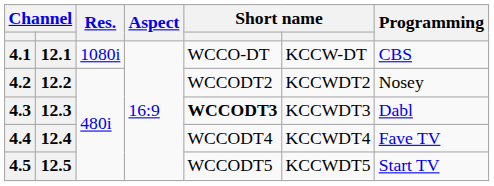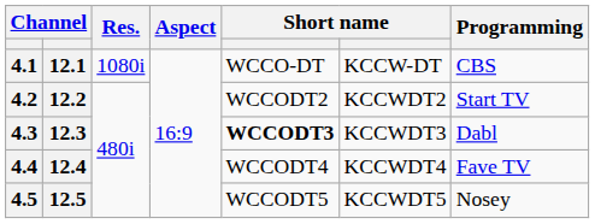 <table class="wikitable">
 <tr>
 <th scope = "col" colspan="2"><a href='#'>Channel</a></th>
 <th scope = "col" rowspan="2"><a href='#'>Res.</a></th>
 <th scope = "col" rowspan="2"><a href='#'>Aspect</a></th>
 <th scope = "col" colspan="2">Short name</th>
 <th scope = "col" rowspan="2">Programming</th>
 </tr>
 <tr>
 <th scope = "col"></th>
 <th></th>
 <th></th>
 <th></th>
 </tr>
 <tr>
 <th scope = "row">4.1</th>
 <th>12.1</th>
 <td><a href='#'>1080i</a></td>
 <td rowspan=5><a href='#'>16:9</a></td>
 <td>WCCO-DT</td>
 <td>KCCW-DT</td>
 <td><a href='#'>CBS</a></td>
 </tr>
 <tr>
 <th scope = "row">4.2</th>
 <th>12.2</th>
 <td rowspan=4><a href='#'>480i</a></td>
 <td>WCCODT2</td>
 <td>KCCWDT2</td>
-<td>Nosey</td>
+<td><a href='#'>Start TV</a></td>
 </tr>
 <tr>
 <th scope = "row">4.3</th>
 <th>12.3</th>
 <td><strong>WCCODT3</strong></td>
 <td>KCCWDT3</td>
 <td><a href='#'>Dabl</a></td>
 </tr>
 <tr>
 <th scope = "row">4.4</th>
 <th>12.4</th>
 <td>WCCODT4</td>
 <td>KCCWDT4</td>
 <td><a href='#'>Fave TV</a></td>
 </tr>
 <tr>
 <th scope = "row">4.5</th>
 <th>12.5</th>
 <td>WCCODT5</td>
 <td>KCCWDT5</td>
-<td><a href='#'>Start TV</a></td>
+<td>Nosey</td>
 </tr>
 </table>
